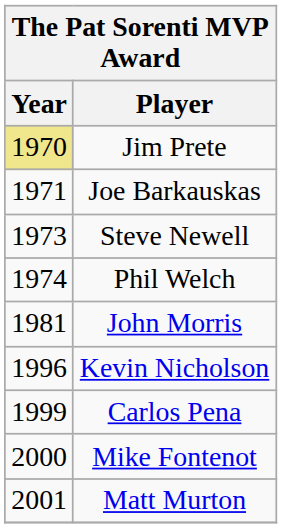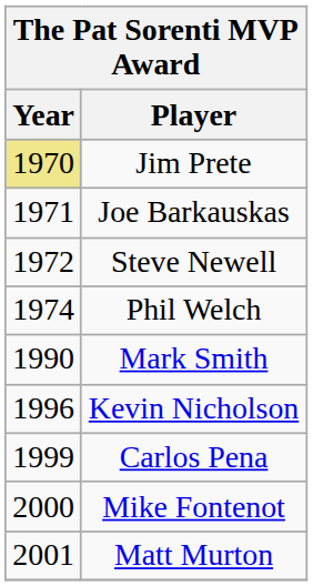 <table class="wikitable" style="display: inline-table; margin-right: 20px; text-align:center">
 <tr>
 <th scope="col" colspan="2" style="width: 145px;">The Pat Sorenti MVP Award</th>
 </tr>
 <tr>
 <th scope="col">Year</th>
 <th scope="col">Player</th>
 </tr>
 <tr>
 <td style="background: khaki;">1970</td>
 <td>Jim Prete</td>
 </tr>
 <tr>
 <td>1971</td>
 <td>Joe Barkauskas</td>
 </tr>
 <tr>
-<td>1973</td>
+<td>1972</td>
 <td>Steve Newell</td>
 </tr>
 <tr>
 <td>1974</td>
 <td>Phil Welch</td>
 </tr>
 <tr>
-<td>1981</td>
-<td><a href='#'>John Morris</a></td>
+<td>1990</td>
+<td><a href='#'>Mark Smith</a></td>
 </tr>
 <tr>
 <td>1996</td>
 <td><a href='#'>Kevin Nicholson</a></td>
 </tr>
 <tr>
 <td>1999</td>
 <td><a href='#'>Carlos Pena</a></td>
 </tr>
 <tr>
 <td>2000</td>
 <td><a href='#'>Mike Fontenot</a></td>
 </tr>
 <tr>
 <td>2001</td>
 <td><a href='#'>Matt Murton</a></td>
 </tr>
 <tr>
 </tr>
 </table>
